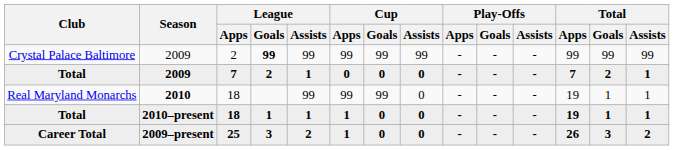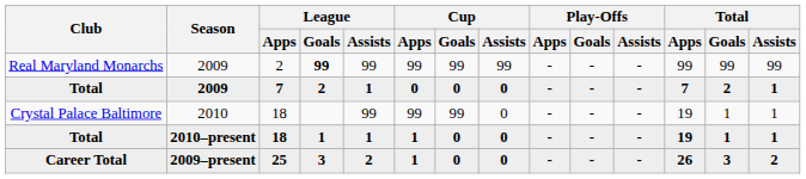 <table class="wikitable" style="text-align: center;">
 <tr>
 <th rowspan="2">Club</th>
 <th rowspan="2">Season</th>
 <th colspan="3">League</th>
 <th colspan="3">Cup</th>
 <th colspan="3">Play-Offs</th>
 <th colspan="3">Total</th>
 </tr>
 <tr>
 <th>Apps</th>
 <th>Goals</th>
 <th>Assists</th>
 <th>Apps</th>
 <th>Goals</th>
 <th>Assists</th>
 <th>Apps</th>
 <th>Goals</th>
 <th>Assists</th>
 <th>Apps</th>
 <th>Goals</th>
 <th>Assists</th>
 </tr>
 <tr>
-<td><a href='#'>Crystal Palace Baltimore</a></td>
+<td rowspan="1" valign="top"><a href='#'>Real Maryland Monarchs</a></td>
 <td>2009</td>
 <td>2</td>
 <td><strong>99</strong></td>
 <td>99</td>
 <td>99</td>
 <td>99</td>
 <td>99</td>
 <td>-</td>
 <td>-</td>
 <td>-</td>
 <td>99</td>
 <td>99</td>
 <td>99</td>
 </tr>
 <tr style="font-weight:bold; background-color:#eeeeee;">
 <td><strong>Total</strong></td>
 <td>2009</td>
 <td>7</td>
 <td>2</td>
 <td>1</td>
 <td>0</td>
 <td>0</td>
 <td>0</td>
 <td>-</td>
 <td>-</td>
 <td>-</td>
 <td>7</td>
 <td>2</td>
 <td>1</td>
 </tr>
 <tr>
-<td rowspan="1" valign="top"><a href='#'>Real Maryland Monarchs</a></td>
-<td><strong>2010</strong></td>
+<td><a href='#'>Crystal Palace Baltimore</a></td>
+<td>2010</td>
 <td>18</td>
 <td></td>
 <td>99</td>
 <td>99</td>
 <td>99</td>
 <td>0</td>
 <td>-</td>
 <td>-</td>
 <td>-</td>
 <td>19</td>
 <td>1</td>
 <td>1</td>
 </tr>
 <tr style="font-weight:bold; background-color:#eeeeee;">
 <td><strong>Total</strong></td>
 <td>2010–present</td>
 <td>18</td>
 <td>1</td>
 <td>1</td>
 <td>1</td>
 <td>0</td>
 <td>0</td>
 <td>-</td>
 <td>-</td>
 <td>-</td>
 <td>19</td>
 <td>1</td>
 <td>1</td>
 </tr>
 <tr style="font-weight:bold; background-color:#eeeeee;">
 <td><strong>Career Total</strong></td>
 <td>2009–present</td>
 <td>25</td>
 <td>3</td>
 <td>2</td>
 <td>1</td>
 <td>0</td>
 <td>0</td>
 <td>-</td>
 <td>-</td>
 <td>-</td>
 <td>26</td>
 <td>3</td>
 <td>2</td>
 </tr>
 </table>
